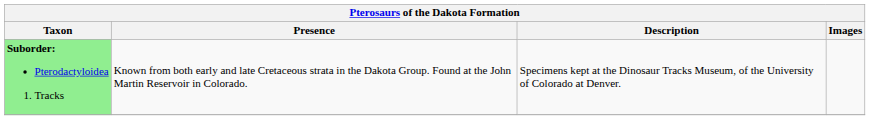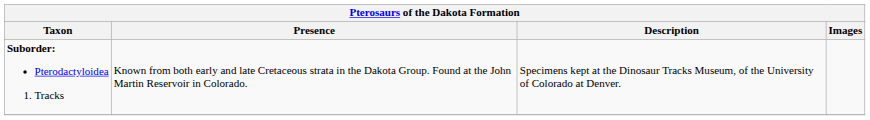 <table class="wikitable" align="center">
 <tr>
 <th colspan="5" align="center"><a href='#'>Pterosaurs</a> of the Dakota Formation</th>
 </tr>
 <tr>
 <th>Taxon</th>
 <th>Presence</th>
 <th>Description</th>
 <th>Images</th>
 </tr>
 <tr>
-<td style="background: lightgreen;"><strong>Suborder:</strong><br><ul><li><a href='#'>Pterodactyloidea</a></li></ul><ol><li>Tracks</li></ol></td>
+<td><strong>Suborder:</strong><br><ul><li><a href='#'>Pterodactyloidea</a></li></ul><ol><li>Tracks</li></ol></td>
 <td>Known from both early and late Cretaceous strata in the Dakota Group. Found at the John Martin Reservoir in Colorado.</td>
 <td>Specimens kept at the Dinosaur Tracks Museum, of the University of Colorado at Denver.</td>
 <td></td>
 </tr>
 <tr>
 </tr>
 </table>
